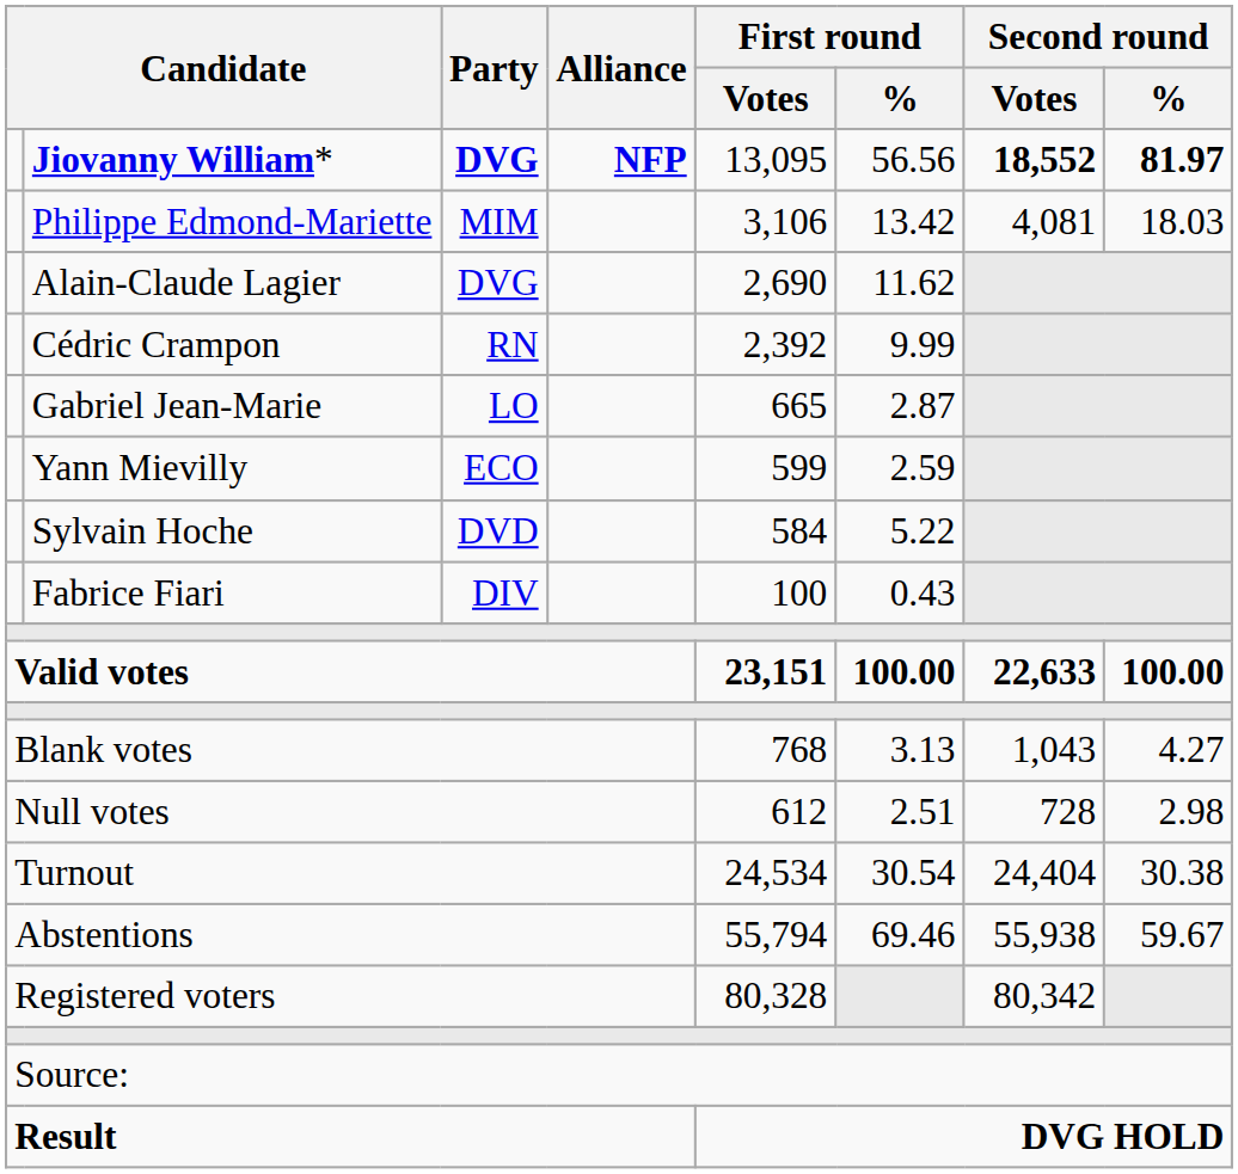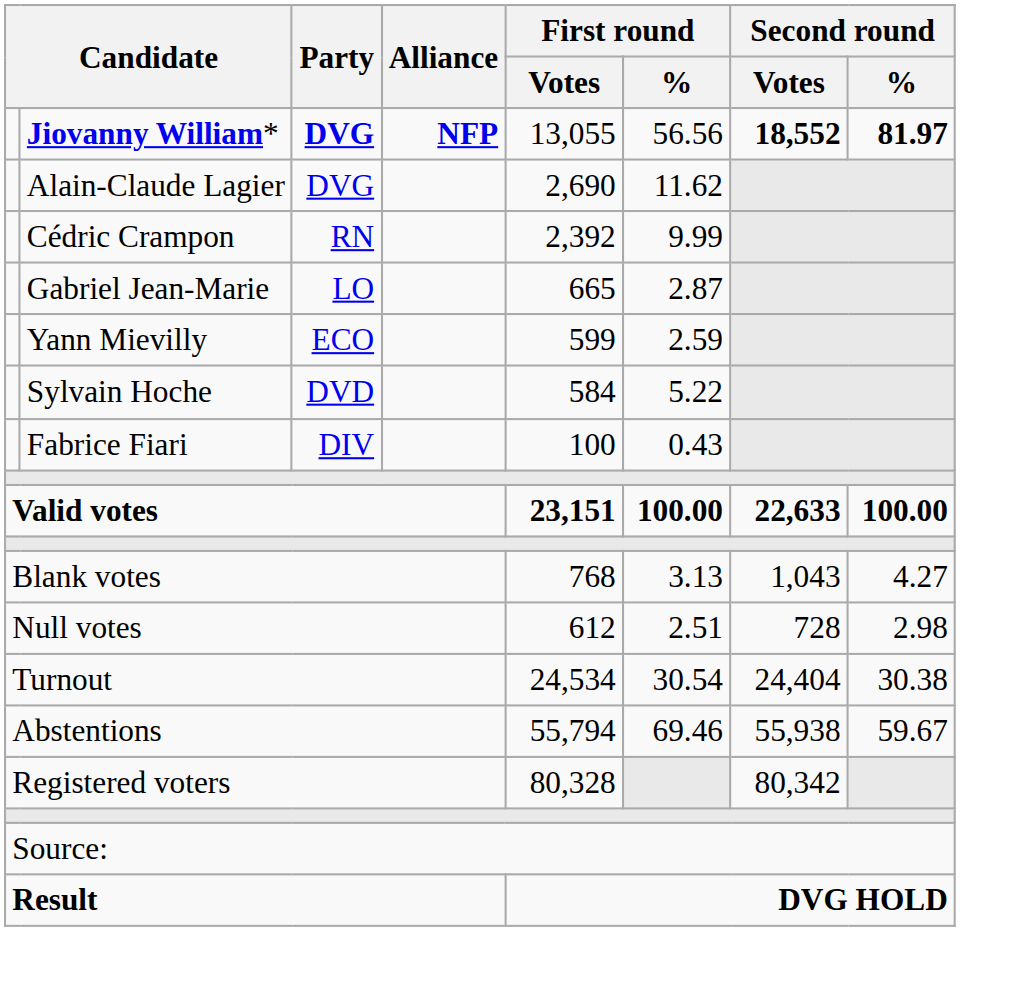 <table class="wikitable" style="text-align:right;font-size:95%;">
 <tr>
 <th colspan="2" rowspan="2">Candidate</th>
 <th colspan="1" rowspan="2">Party</th>
 <th colspan="1" rowspan="2">Alliance</th>
 <th colspan="2">First round</th>
 <th colspan="2">Second round</th>
 </tr>
 <tr>
 <th style="width:50px;">Votes</th>
 <th style="width:45px;">%</th>
 <th style="width:50px;">Votes</th>
 <th style="width:45px;">%</th>
 </tr>
 <tr>
 <td style="color:inherit;background:"></td>
 <td style="text-align:left;"><strong><a href='#'>Jiovanny William</a></strong>*</td>
 <td><strong><a href='#'>DVG</a></strong></td>
 <td><a href='#'><strong>NFP</strong></a></td>
-<td>13,095</td>
+<td>13,055</td>
 <td>56.56</td>
 <td><strong>18,552</strong></td>
 <td><strong>81.97</strong></td>
-</tr>
-<tr>
-<td style="color:inherit;background:"></td>
-<td style="text-align:left;"><a href='#'>Philippe Edmond-Mariette</a></td>
-<td><a href='#'>MIM</a></td>
-<td></td>
-<td>3,106</td>
-<td>13.42</td>
-<td>4,081</td>
-<td>18.03</td>
 </tr>
 <tr>
 <td style="color:inherit;background:"></td>
 <td style="text-align:left;">Alain-Claude Lagier</td>
 <td><a href='#'>DVG</a></td>
 <td></td>
 <td>2,690</td>
 <td>11.62</td>
 <td colspan="2" rowspan="1" style="background:#E9E9E9;"></td>
 </tr>
 <tr>
 <td style="color:inherit;background:"></td>
 <td style="text-align:left;">Cédric Crampon</td>
 <td><a href='#'>RN</a></td>
 <td></td>
 <td>2,392</td>
 <td>9.99</td>
 <td colspan="2" rowspan="1" style="background:#E9E9E9;"></td>
 </tr>
 <tr>
 <td style="color:inherit;background:"></td>
 <td style="text-align:left;">Gabriel Jean-Marie</td>
 <td><a href='#'>LO</a></td>
 <td></td>
 <td>665</td>
 <td>2.87</td>
 <td colspan="2" rowspan="1" style="background:#E9E9E9;"></td>
 </tr>
 <tr>
 <td style="color:inherit;background:"></td>
 <td style="text-align:left;">Yann Mievilly</td>
 <td><a href='#'>ECO</a></td>
 <td></td>
 <td>599</td>
 <td>2.59</td>
 <td colspan="2" rowspan="1" style="background:#E9E9E9;"></td>
 </tr>
 <tr>
 <td style="color:inherit;background:"></td>
 <td style="text-align:left;">Sylvain Hoche</td>
 <td><a href='#'>DVD</a></td>
 <td></td>
 <td>584</td>
 <td>5.22</td>
 <td colspan="2" rowspan="1" style="background:#E9E9E9;"></td>
 </tr>
 <tr>
 <td style="color:inherit;background:"></td>
 <td style="text-align:left;">Fabrice Fiari</td>
 <td><a href='#'>DIV</a></td>
 <td></td>
 <td>100</td>
 <td>0.43</td>
 <td colspan="2" rowspan="1" style="background:#E9E9E9;"></td>
 </tr>
 <tr>
 <td colspan="8" style="background:#E9E9E9;"></td>
 </tr>
 <tr style="font-weight:bold;">
 <td colspan="4" style="text-align:left;">Valid votes</td>
 <td>23,151</td>
 <td>100.00</td>
 <td>22,633</td>
 <td>100.00</td>
 </tr>
 <tr>
 <td colspan="8" style="background:#E9E9E9;"></td>
 </tr>
 <tr>
 <td colspan="4" style="text-align:left;">Blank votes</td>
 <td>768</td>
 <td>3.13</td>
 <td>1,043</td>
 <td>4.27</td>
 </tr>
 <tr>
 <td colspan="4" style="text-align:left;">Null votes</td>
 <td>612</td>
 <td>2.51</td>
 <td>728</td>
 <td>2.98</td>
 </tr>
 <tr>
 <td colspan="4" style="text-align:left;">Turnout</td>
 <td>24,534</td>
 <td>30.54</td>
 <td>24,404</td>
 <td>30.38</td>
 </tr>
 <tr>
 <td colspan="4" style="text-align:left;">Abstentions</td>
 <td>55,794</td>
 <td>69.46</td>
 <td>55,938</td>
 <td>59.67</td>
 </tr>
 <tr>
 <td colspan="4" style="text-align:left;">Registered voters</td>
 <td>80,328</td>
 <td style="background:#E9E9E9;"></td>
 <td>80,342</td>
 <td style="background:#E9E9E9;"></td>
 </tr>
 <tr>
 <td colspan="8" style="background:#E9E9E9;"></td>
 </tr>
 <tr>
 <td colspan="8" style="text-align:left;">Source: </td>
 </tr>
 <tr style="font-weight:bold">
 <td colspan="4" style="text-align:left;">Result</td>
 <td colspan="4" style="background-color:">DVG HOLD</td>
 </tr>
 </table>
